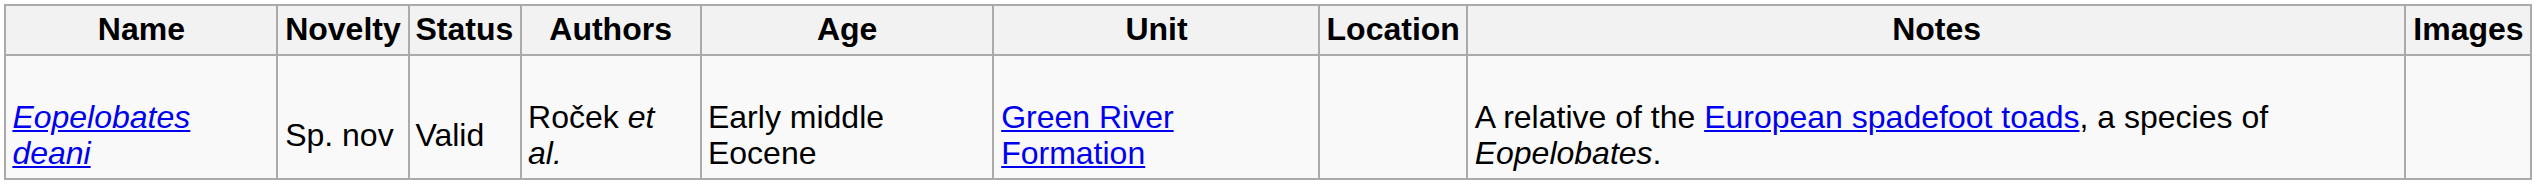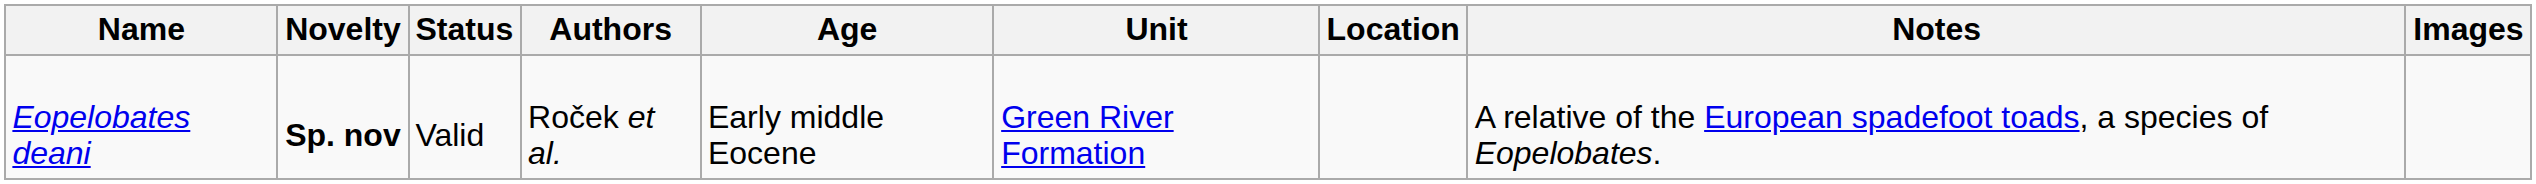 <table class="wikitable sortable" align="center" width="100%">
 <tr>
 <th>Name</th>
 <th>Novelty</th>
 <th>Status</th>
 <th>Authors</th>
 <th>Age</th>
 <th>Unit</th>
 <th>Location</th>
 <th>Notes</th>
 <th>Images</th>
 </tr>
 <tr>
 <td><br><em><a href='#'>Eopelobates deani</a></em></td>
-<td><br>Sp. nov</td>
+<td><strong><br>Sp. nov</strong></td>
 <td><br>Valid</td>
 <td><br>Roček <em>et al.</em></td>
 <td><br>Early middle Eocene</td>
 <td><br><a href='#'>Green River Formation</a></td>
 <td><br></td>
 <td><br>A relative of the <a href='#'>European spadefoot toads</a>, a species of <em>Eopelobates</em>.</td>
 <td></td>
 </tr>
 <tr>
 </tr>
 </table>
